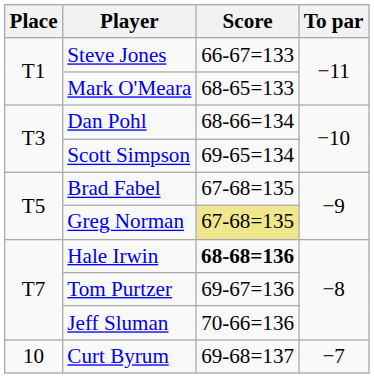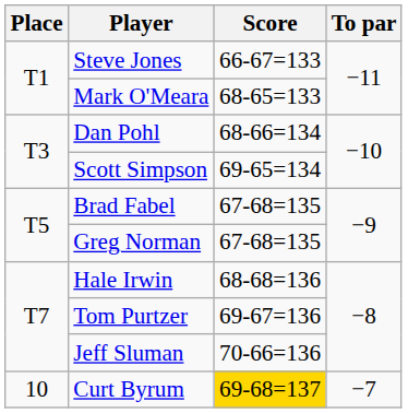 <table class="wikitable">
 <tr>
 <th>Place</th>
 <th>Player</th>
 <th>Score</th>
 <th>To par</th>
 </tr>
 <tr>
 <td rowspan=2 align=center>T1</td>
 <td> <a href='#'>Steve Jones</a></td>
 <td align=center>66-67=133</td>
 <td rowspan=2 align=center>−11</td>
 </tr>
 <tr>
 <td> <a href='#'>Mark O'Meara</a></td>
 <td align=center>68-65=133</td>
 </tr>
 <tr>
 <td rowspan=2 align=center>T3</td>
 <td> <a href='#'>Dan Pohl</a></td>
 <td align=center>68-66=134</td>
 <td rowspan=2 align=center>−10</td>
 </tr>
 <tr>
 <td> <a href='#'>Scott Simpson</a></td>
 <td align=center>69-65=134</td>
 </tr>
 <tr>
 <td rowspan=2 align=center>T5</td>
 <td> <a href='#'>Brad Fabel</a></td>
 <td align=center>67-68=135</td>
 <td rowspan=2 align=center>−9</td>
 </tr>
 <tr>
 <td> <a href='#'>Greg Norman</a></td>
-<td align=center style="background: khaki;">67-68=135</td>
+<td align=center>67-68=135</td>
 </tr>
 <tr>
 <td rowspan=3 align=center>T7</td>
 <td> <a href='#'>Hale Irwin</a></td>
-<td align=center><strong>68-68=136</strong></td>
+<td align=center>68-68=136</td>
 <td rowspan=3 align=center>−8</td>
 </tr>
 <tr>
 <td> <a href='#'>Tom Purtzer</a></td>
 <td align=center>69-67=136</td>
 </tr>
 <tr>
 <td> <a href='#'>Jeff Sluman</a></td>
 <td align=center>70-66=136</td>
 </tr>
 <tr>
 <td align=center>10</td>
 <td> <a href='#'>Curt Byrum</a></td>
-<td align=center>69-68=137</td>
+<td align=center style="background: gold;">69-68=137</td>
 <td align=center>−7</td>
 </tr>
 </table>
